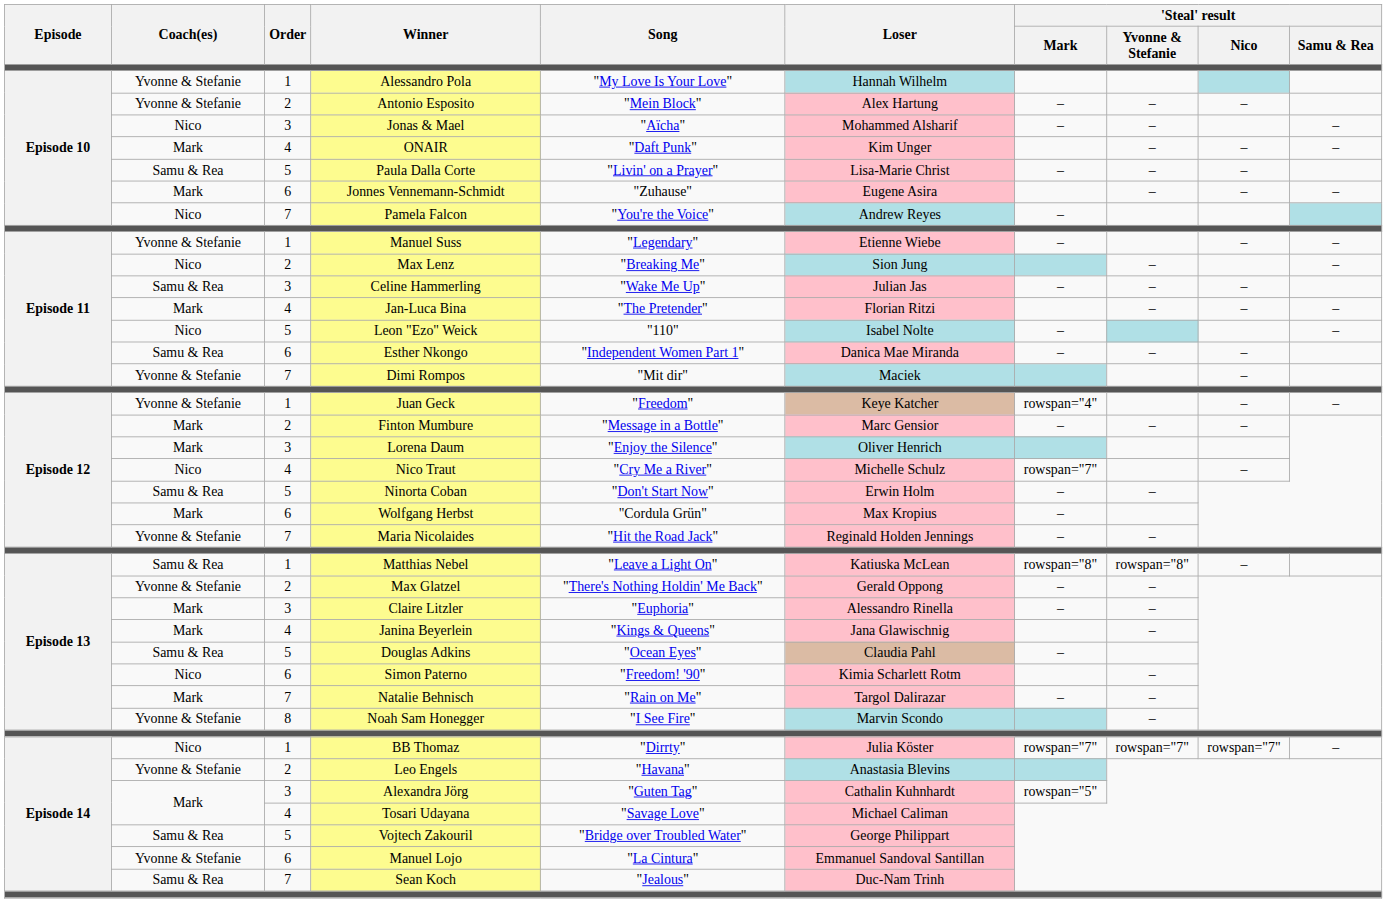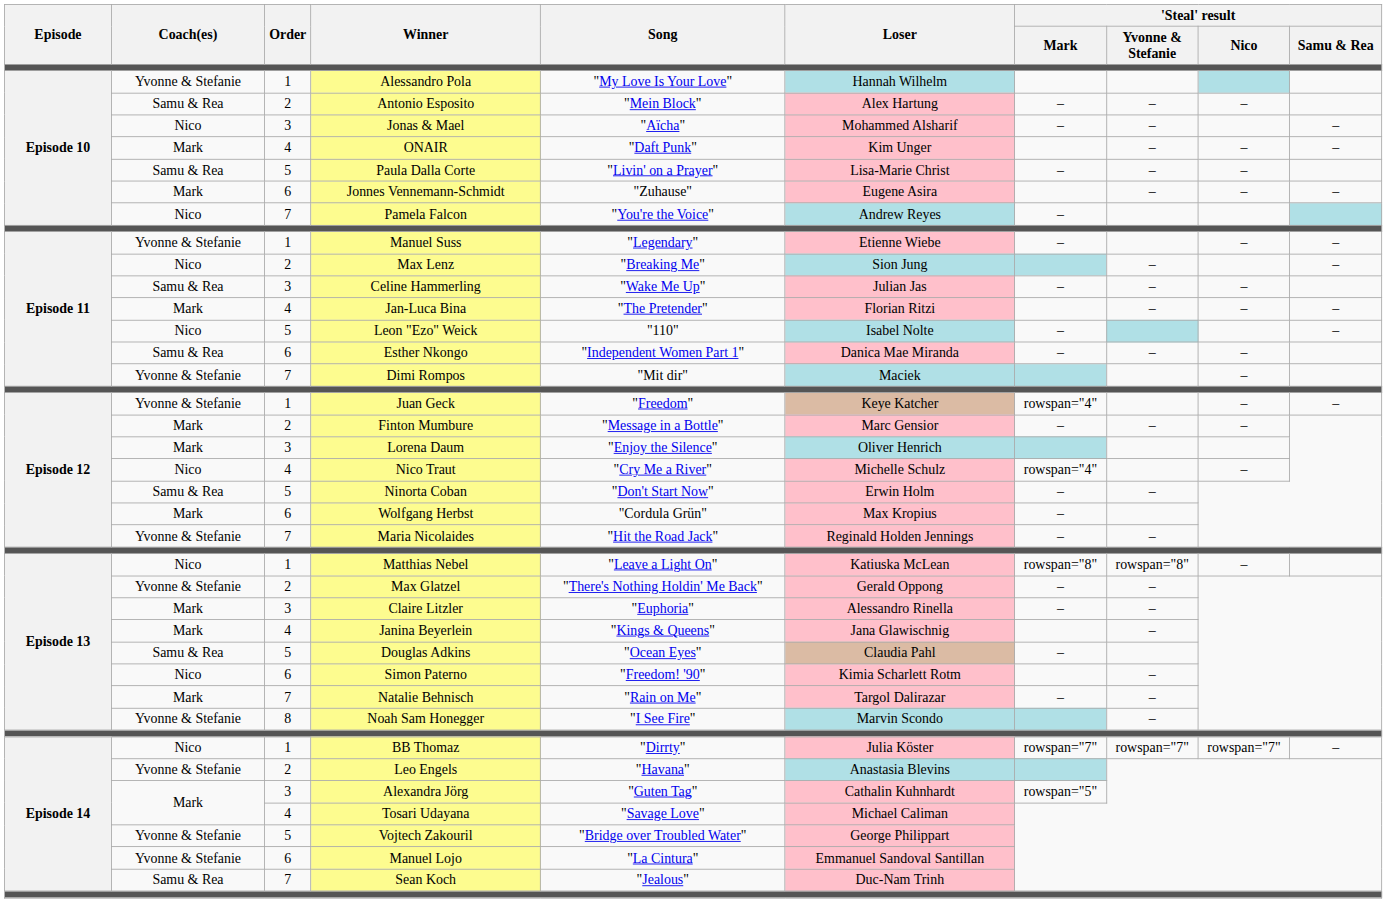 <table class="wikitable" style="text-align: center; width:100%;">
 <tr>
 <th rowspan="2" style="width:07%;">Episode</th>
 <th rowspan="2" style="width:10%;">Coach(es)</th>
 <th rowspan="2" style="width:02%;">Order</th>
 <th rowspan="2" style="width:15%;">Winner</th>
 <th rowspan="2" style="width:16%;">Song</th>
 <th rowspan="2" style="width:15%;">Loser</th>
 <th colspan="4" style="width:25%;">'Steal' result</th>
 </tr>
 <tr>
 <th style="width:06%;">Mark</th>
 <th style="width:06%;">Yvonne & Stefanie</th>
 <th style="width:06%;">Nico</th>
 <th style="width:06%;">Samu & Rea</th>
 </tr>
 <tr>
 <td colspan="10" style="background:#555;"></td>
 </tr>
 <tr>
 <th rowspan="7">Episode 10<br><small></small></th>
 <td>Yvonne & Stefanie</td>
 <td>1</td>
 <td style="background:#FDFC8F;">Alessandro Pola</td>
 <td>"<a href='#'>My Love Is Your Love</a>"</td>
 <td style="background: #b0e0e6;">Hannah Wilhelm</td>
 <td><strong></strong></td>
 <td></td>
 <td style="background: #b0e0e6;"><strong></strong></td>
 <td><strong></strong></td>
 </tr>
 <tr>
-<td>Yvonne & Stefanie</td>
+<td>Samu & Rea</td>
 <td>2</td>
 <td style="background:#FDFC8F;">Antonio Esposito</td>
 <td>"<a href='#'>Mein Block</a>"</td>
 <td bgcolor=pink>Alex Hartung</td>
 <td>–</td>
 <td>–</td>
 <td>–</td>
 <td></td>
 </tr>
 <tr>
 <td>Nico</td>
 <td>3</td>
 <td style="background:#FDFC8F;">Jonas & Mael</td>
 <td>"<a href='#'>Aïcha</a>"</td>
 <td bgcolor=pink>Mohammed Alsharif</td>
 <td>–</td>
 <td>–</td>
 <td></td>
 <td>–</td>
 </tr>
 <tr>
 <td>Mark</td>
 <td>4</td>
 <td style="background:#FDFC8F;">ONAIR</td>
 <td>"<a href='#'>Daft Punk</a>"</td>
 <td bgcolor=pink>Kim Unger</td>
 <td></td>
 <td>–</td>
 <td>–</td>
 <td>–</td>
 </tr>
 <tr>
 <td>Samu & Rea</td>
 <td>5</td>
 <td style="background:#FDFC8F;">Paula Dalla Corte</td>
 <td>"<a href='#'>Livin' on a Prayer</a>"</td>
 <td bgcolor=pink>Lisa-Marie Christ</td>
 <td>–</td>
 <td>–</td>
 <td>–</td>
 <td></td>
 </tr>
 <tr>
 <td>Mark</td>
 <td>6</td>
 <td style="background:#FDFC8F;">Jonnes Vennemann-Schmidt</td>
 <td>"Zuhause"</td>
 <td bgcolor=pink>Eugene Asira</td>
 <td></td>
 <td>–</td>
 <td>–</td>
 <td>–</td>
 </tr>
 <tr>
 <td>Nico</td>
 <td>7</td>
 <td style="background:#FDFC8F;">Pamela Falcon</td>
 <td>"<a href='#'>You're the Voice</a>"</td>
 <td style="background: #b0e0e6;">Andrew Reyes</td>
 <td>–</td>
 <td><strong></strong></td>
 <td></td>
 <td style="background: #b0e0e6;"><strong></strong></td>
 </tr>
 <tr>
 <td colspan="10" style="background:#555;"></td>
 </tr>
 <tr>
 <th rowspan="7">Episode 11<br><small></small></th>
 <td>Yvonne & Stefanie</td>
 <td>1</td>
 <td style="background:#FDFC8F;">Manuel Suss</td>
 <td>"<a href='#'>Legendary</a>"</td>
 <td bgcolor=pink>Etienne Wiebe</td>
 <td>–</td>
 <td></td>
 <td>–</td>
 <td>–</td>
 </tr>
 <tr>
 <td>Nico</td>
 <td>2</td>
 <td style="background:#FDFC8F;">Max Lenz</td>
 <td>"<a href='#'>Breaking Me</a>"</td>
 <td style="background: #b0e0e6;">Sion Jung</td>
 <td style="background: #b0e0e6;"><strong></strong></td>
 <td>–</td>
 <td></td>
 <td>–</td>
 </tr>
 <tr>
 <td>Samu & Rea</td>
 <td>3</td>
 <td style="background:#FDFC8F;">Celine Hammerling</td>
 <td>"<a href='#'>Wake Me Up</a>"</td>
 <td bgcolor=pink>Julian Jas</td>
 <td>–</td>
 <td>–</td>
 <td>–</td>
 <td></td>
 </tr>
 <tr>
 <td>Mark</td>
 <td>4</td>
 <td style="background:#FDFC8F;">Jan-Luca Bina</td>
 <td>"<a href='#'>The Pretender</a>"</td>
 <td bgcolor=pink>Florian Ritzi</td>
 <td></td>
 <td>–</td>
 <td>–</td>
 <td>–</td>
 </tr>
 <tr>
 <td>Nico</td>
 <td>5</td>
 <td style="background:#FDFC8F;">Leon "Ezo" Weick</td>
 <td>"110"</td>
 <td style="background: #b0e0e6;">Isabel Nolte</td>
 <td>–</td>
 <td style="background: #b0e0e6;"><strong></strong></td>
 <td></td>
 <td>–</td>
 </tr>
 <tr>
 <td>Samu & Rea</td>
 <td>6</td>
 <td style="background:#FDFC8F;">Esther Nkongo</td>
 <td>"<a href='#'>Independent Women Part 1</a>"</td>
 <td bgcolor=pink>Danica Mae Miranda</td>
 <td>–</td>
 <td>–</td>
 <td>–</td>
 <td></td>
 </tr>
 <tr>
 <td>Yvonne & Stefanie</td>
 <td>7</td>
 <td style="background:#FDFC8F;">Dimi Rompos</td>
 <td>"Mit dir"</td>
 <td style="background: #b0e0e6;">Maciek</td>
 <td style="background: #b0e0e6;"><strong></strong></td>
 <td></td>
 <td>–</td>
 <td><strong></strong></td>
 </tr>
 <tr>
 <td colspan="10" style="background:#555;"></td>
 </tr>
 <tr>
 <th rowspan="7">Episode 12<br><small></small></th>
 <td>Yvonne & Stefanie</td>
 <td>1</td>
 <td style="background:#FDFC8F;">Juan Geck</td>
 <td>"<a href='#'>Freedom</a>"</td>
 <td bgcolor=#dbbba4>Keye Katcher</td>
 <td>rowspan="4" </td>
 <td></td>
 <td>–</td>
 <td>–</td>
 </tr>
 <tr>
 <td>Mark</td>
 <td>2</td>
 <td style="background:#FDFC8F;">Finton Mumbure</td>
 <td>"<a href='#'>Message in a Bottle</a>"</td>
 <td bgcolor=pink>Marc Gensior</td>
 <td>–</td>
 <td>–</td>
 <td>–</td>
 </tr>
 <tr>
 <td>Mark</td>
 <td>3</td>
 <td style="background:#FDFC8F;">Lorena Daum</td>
 <td>"<a href='#'>Enjoy the Silence</a>"</td>
 <td style="background: #b0e0e6;">Oliver Henrich</td>
 <td style="background: #b0e0e6;"><strong></strong></td>
 <td><strong></strong></td>
 <td></td>
 </tr>
 <tr>
 <td>Nico</td>
 <td>4</td>
 <td style="background:#FDFC8F;">Nico Traut</td>
 <td>"<a href='#'>Cry Me a River</a>"</td>
 <td bgcolor=pink>Michelle Schulz</td>
-<td>rowspan="7" </td>
+<td>rowspan="4" </td>
 <td></td>
 <td>–</td>
 </tr>
 <tr>
 <td>Samu & Rea</td>
 <td>5</td>
 <td style="background:#FDFC8F;">Ninorta Coban</td>
 <td>"<a href='#'>Don't Start Now</a>"</td>
 <td bgcolor=pink>Erwin Holm</td>
 <td>–</td>
 <td>–</td>
 </tr>
 <tr>
 <td>Mark</td>
 <td>6</td>
 <td style="background:#FDFC8F;">Wolfgang Herbst</td>
 <td>"Cordula Grün"</td>
 <td bgcolor=pink>Max Kropius</td>
 <td>–</td>
 <td></td>
 </tr>
 <tr>
 <td>Yvonne & Stefanie</td>
 <td>7</td>
 <td style="background:#FDFC8F;">Maria Nicolaides</td>
 <td>"<a href='#'>Hit the Road Jack</a>"</td>
 <td bgcolor=pink>Reginald Holden Jennings</td>
 <td>–</td>
 <td>–</td>
 </tr>
 <tr>
 <td colspan="10" style="background:#555;"></td>
 </tr>
 <tr>
 <th rowspan="8">Episode 13<br><small></small></th>
-<td>Samu & Rea</td>
+<td>Nico</td>
 <td>1</td>
 <td style="background:#FDFC8F;">Matthias Nebel</td>
 <td>"<a href='#'>Leave a Light On</a>"</td>
 <td bgcolor=pink>Katiuska McLean</td>
 <td>rowspan="8" </td>
 <td>rowspan="8" </td>
 <td>–</td>
 <td></td>
 </tr>
 <tr>
 <td>Yvonne & Stefanie</td>
 <td>2</td>
 <td style="background:#FDFC8F;">Max Glatzel</td>
 <td>"<a href='#'>There's Nothing Holdin' Me Back</a>"</td>
 <td bgcolor=pink>Gerald Oppong</td>
 <td>–</td>
 <td>–</td>
 </tr>
 <tr>
 <td>Mark</td>
 <td>3</td>
 <td style="background:#FDFC8F;">Claire Litzler</td>
 <td>"<a href='#'>Euphoria</a>"</td>
 <td bgcolor=pink>Alessandro Rinella</td>
 <td>–</td>
 <td>–</td>
 </tr>
 <tr>
 <td>Mark</td>
 <td>4</td>
 <td style="background:#FDFC8F;">Janina Beyerlein</td>
 <td>"<a href='#'>Kings & Queens</a>"</td>
 <td bgcolor=pink>Jana Glawischnig</td>
 <td></td>
 <td>–</td>
 </tr>
 <tr>
 <td>Samu & Rea</td>
 <td>5</td>
 <td style="background:#FDFC8F;">Douglas Adkins</td>
 <td>"<a href='#'>Ocean Eyes</a>"</td>
 <td bgcolor=#dbbba4>Claudia Pahl</td>
 <td>–</td>
 <td></td>
 </tr>
 <tr>
 <td>Nico</td>
 <td>6</td>
 <td style="background:#FDFC8F;">Simon Paterno</td>
 <td>"<a href='#'>Freedom! '90</a>"</td>
 <td bgcolor=pink>Kimia Scharlett Rotm</td>
 <td></td>
 <td>–</td>
 </tr>
 <tr>
 <td>Mark</td>
 <td>7</td>
 <td style="background:#FDFC8F;">Natalie Behnisch</td>
 <td>"<a href='#'>Rain on Me</a>"</td>
 <td bgcolor=pink>Targol Dalirazar</td>
 <td>–</td>
 <td>–</td>
 </tr>
 <tr>
 <td>Yvonne & Stefanie</td>
 <td>8</td>
 <td style="background:#FDFC8F;">Noah Sam Honegger</td>
 <td>"<a href='#'>I See Fire</a>"</td>
 <td style="background: #b0e0e6;">Marvin Scondo</td>
 <td style="background: #b0e0e6;"><strong></strong></td>
 <td>–</td>
 </tr>
 <tr>
 <td colspan="10" style="background:#555;"></td>
 </tr>
 <tr>
 <th rowspan="7">Episode 14<br><small></small></th>
 <td>Nico</td>
 <td>1</td>
 <td style="background:#FDFC8F;">BB Thomaz</td>
 <td>"<a href='#'>Dirrty</a>"</td>
 <td bgcolor=pink>Julia Köster</td>
 <td>rowspan="7" </td>
 <td>rowspan="7" </td>
 <td>rowspan="7" </td>
 <td>–</td>
 </tr>
 <tr>
 <td>Yvonne & Stefanie</td>
 <td>2</td>
 <td style="background:#FDFC8F;">Leo Engels</td>
 <td>"<a href='#'>Havana</a>"</td>
 <td style="background: #b0e0e6;">Anastasia Blevins</td>
 <td style="background: #b0e0e6;"><strong></strong></td>
 </tr>
 <tr>
 <td rowspan="2">Mark</td>
 <td>3</td>
 <td style="background:#FDFC8F;">Alexandra Jörg</td>
 <td>"<a href='#'>Guten Tag</a>"</td>
 <td bgcolor=pink>Cathalin Kuhnhardt</td>
 <td>rowspan="5" </td>
 </tr>
 <tr>
 <td>4</td>
 <td style="background:#FDFC8F;">Tosari Udayana</td>
 <td>"<a href='#'>Savage Love</a>"</td>
 <td bgcolor=pink>Michael Caliman</td>
 </tr>
 <tr>
-<td>Samu & Rea</td>
+<td>Yvonne & Stefanie</td>
 <td>5</td>
 <td style="background:#FDFC8F;">Vojtech Zakouril</td>
 <td>"<a href='#'>Bridge over Troubled Water</a>"</td>
 <td bgcolor=pink>George Philippart</td>
 </tr>
 <tr>
 <td>Yvonne & Stefanie</td>
 <td>6</td>
 <td style="background:#FDFC8F;">Manuel Lojo</td>
 <td>"<a href='#'>La Cintura</a>"</td>
 <td bgcolor=pink>Emmanuel Sandoval Santillan</td>
 </tr>
 <tr>
 <td>Samu & Rea</td>
 <td>7</td>
 <td style="background:#FDFC8F;">Sean Koch</td>
 <td>"<a href='#'>Jealous</a>"</td>
 <td bgcolor=pink>Duc-Nam Trinh</td>
 </tr>
 <tr>
 <td colspan="10" style="background:#555;"></td>
 </tr>
 <tr>
 </tr>
 </table>
